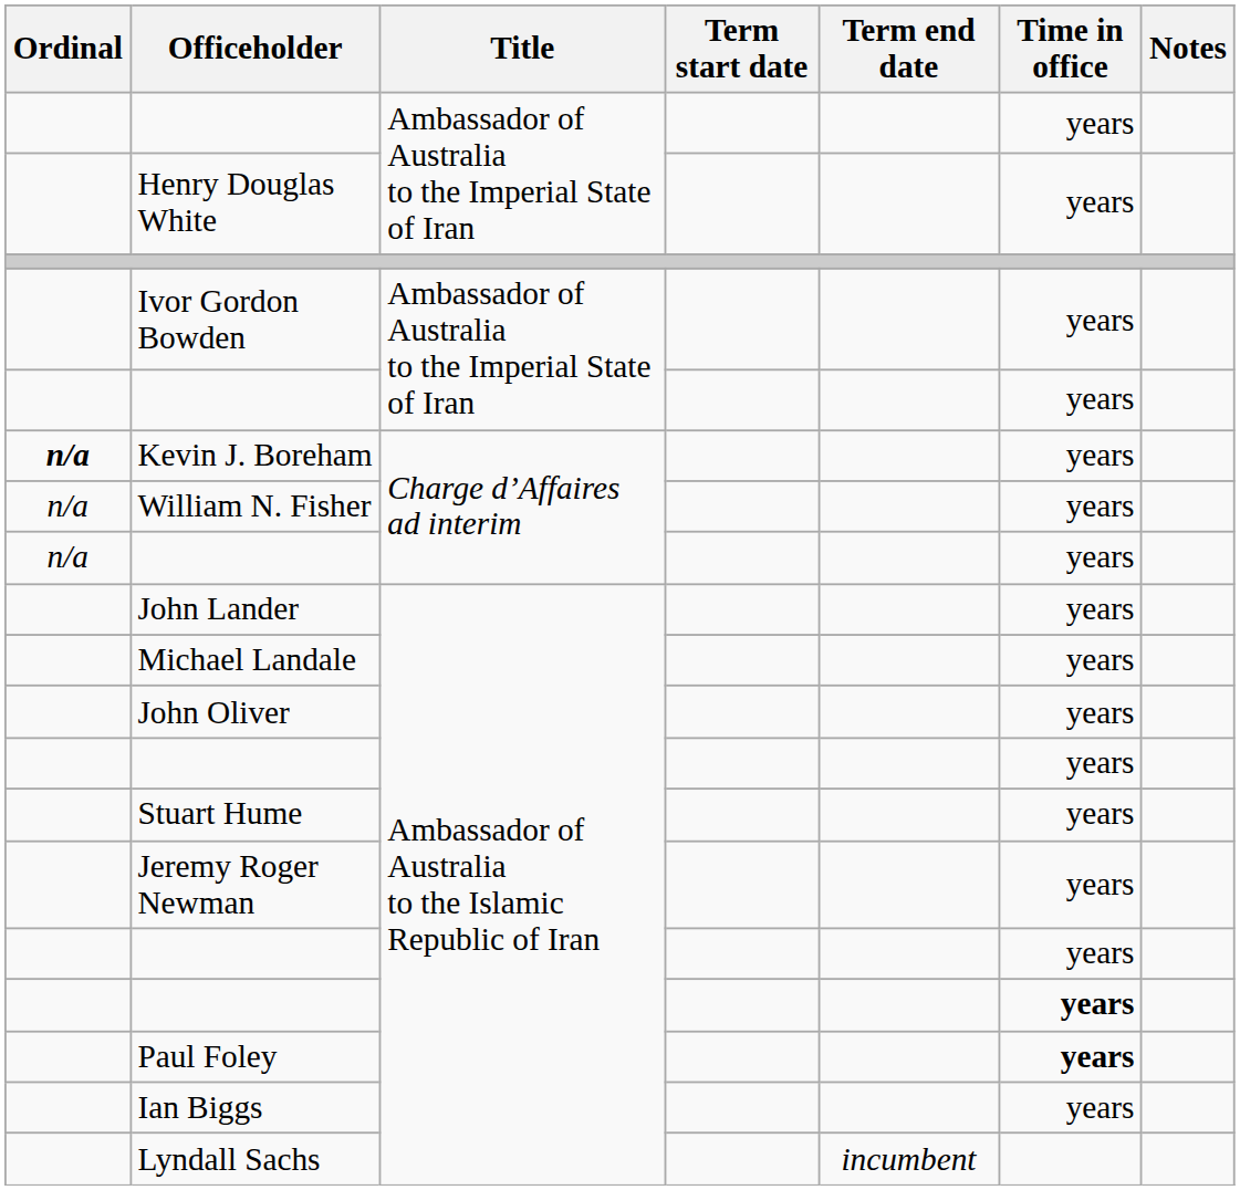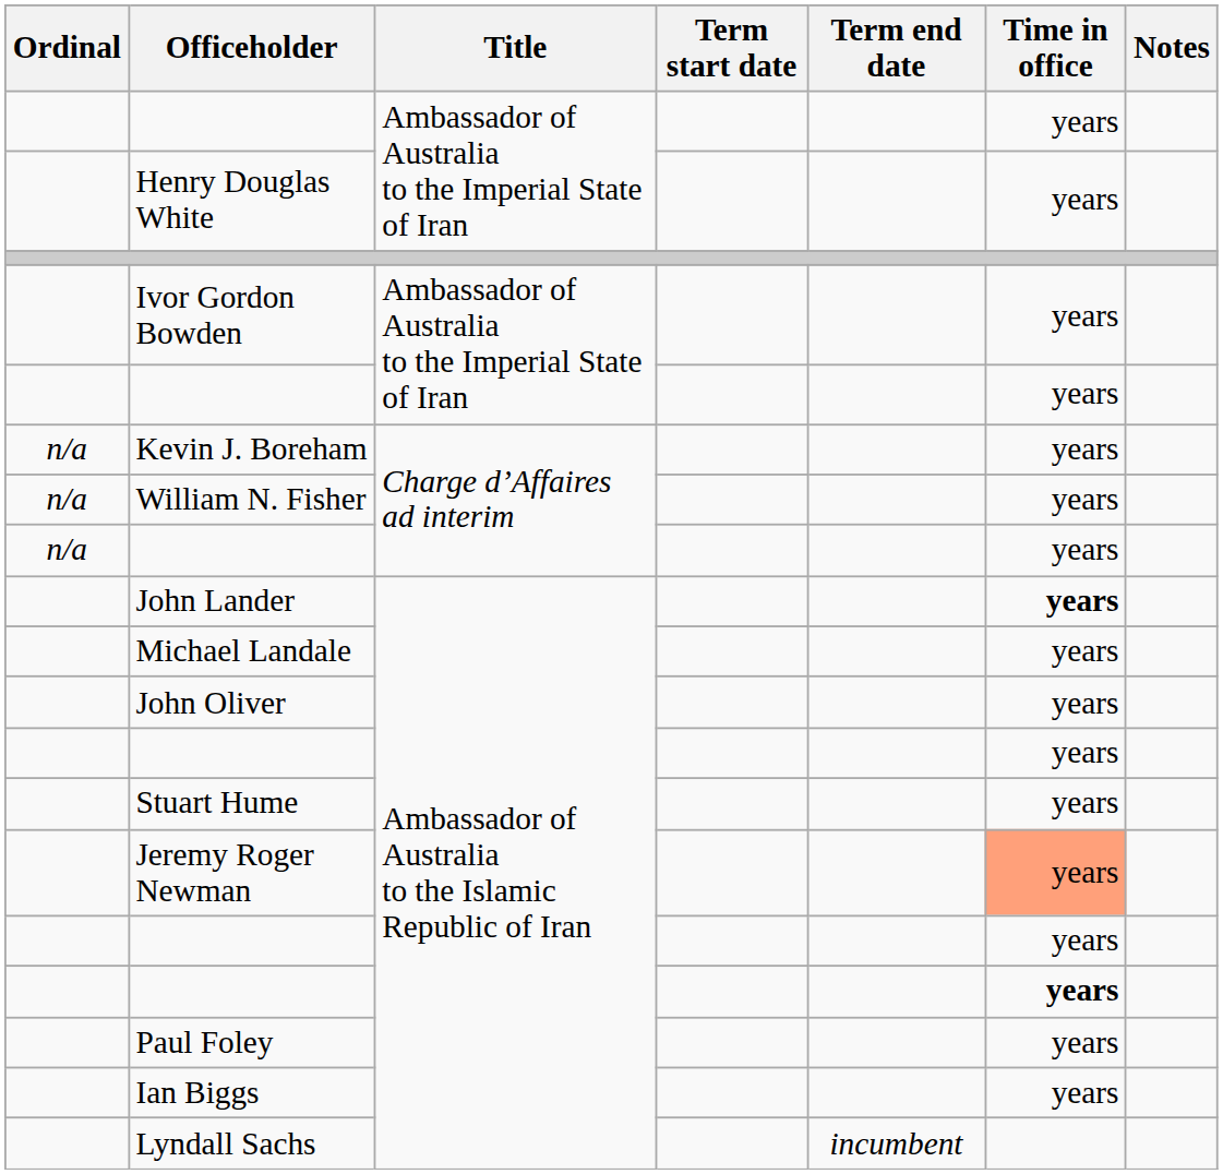 <table class='wikitable sortable'>
 <tr>
 <th>Ordinal</th>
 <th>Officeholder</th>
 <th>Title</th>
 <th>Term start date</th>
 <th>Term end date</th>
 <th>Time in office</th>
 <th>Notes</th>
 </tr>
 <tr>
 <td align=center></td>
 <td></td>
 <td rowspan=2>Ambassador of Australia<br>to the Imperial State of Iran</td>
 <td align=center></td>
 <td align=center></td>
 <td align=right> years</td>
 <td></td>
 </tr>
 <tr>
 <td align=center></td>
 <td>Henry Douglas White</td>
 <td align=center></td>
 <td align=center></td>
 <td align=right> years</td>
 <td></td>
 </tr>
 <tr>
 <th colspan=7 style="background: #cccccc;"></th>
 </tr>
 <tr>
 <td align=center></td>
 <td>Ivor Gordon Bowden</td>
 <td rowspan=2>Ambassador of Australia<br>to the Imperial State of Iran</td>
 <td align=center></td>
 <td align=center></td>
 <td align=right> years</td>
 <td></td>
 </tr>
 <tr>
 <td align=center></td>
 <td></td>
 <td align=center></td>
 <td align=center></td>
 <td align=right> years</td>
 <td></td>
 </tr>
 <tr>
-<td align=center><strong><em>n/a</em></strong></td>
+<td align=center><em>n/a</em></td>
 <td>Kevin J. Boreham</td>
 <td rowspan=3><em>Charge d’Affaires ad interim</em></td>
 <td align=center></td>
 <td align=center></td>
 <td align=right> years</td>
 <td></td>
 </tr>
 <tr>
 <td align=center><em>n/a</em></td>
 <td>William N. Fisher</td>
 <td align=center></td>
 <td align=center></td>
 <td align=right> years</td>
 <td></td>
 </tr>
 <tr>
 <td align=center><em>n/a</em></td>
 <td></td>
 <td align=center></td>
 <td align=center></td>
 <td align=right> years</td>
 <td></td>
 </tr>
 <tr>
 <td align=center></td>
 <td>John Lander</td>
 <td rowspan=11>Ambassador of Australia<br>to the Islamic Republic of Iran</td>
 <td align=center></td>
 <td align=center></td>
-<td align=right> years</td>
+<td align=right><strong> years</strong></td>
 <td></td>
 </tr>
 <tr>
 <td align=center></td>
 <td>Michael Landale</td>
 <td align=center></td>
 <td align=center></td>
 <td align=right> years</td>
 <td></td>
 </tr>
 <tr>
 <td align=center></td>
 <td>John Oliver</td>
 <td align=center></td>
 <td align=center></td>
 <td align=right> years</td>
 <td></td>
 </tr>
 <tr>
 <td align=center></td>
 <td></td>
 <td align=center></td>
 <td align=center></td>
 <td align=right> years</td>
 <td></td>
 </tr>
 <tr>
 <td align=center></td>
 <td>Stuart Hume</td>
 <td align=center></td>
 <td align=center></td>
 <td align=right> years</td>
 <td></td>
 </tr>
 <tr>
 <td align=center></td>
 <td>Jeremy Roger Newman</td>
 <td align=center></td>
 <td align=center></td>
-<td align=right> years</td>
+<td align=right style="background: lightsalmon;"> years</td>
 <td></td>
 </tr>
 <tr>
 <td align=center></td>
 <td></td>
 <td align=center></td>
 <td align=center></td>
 <td align=right> years</td>
 <td></td>
 </tr>
 <tr>
 <td align=center></td>
 <td></td>
 <td align=center></td>
 <td align=center></td>
 <td align=right><strong> years</strong></td>
 <td></td>
 </tr>
 <tr>
 <td align=center></td>
 <td>Paul Foley</td>
 <td align=center></td>
 <td align=center></td>
-<td align=right><strong> years</strong></td>
+<td align=right> years</td>
 <td></td>
 </tr>
 <tr>
 <td align=center></td>
 <td>Ian Biggs</td>
 <td align=center></td>
 <td align=center></td>
 <td align=right> years</td>
 <td></td>
 </tr>
 <tr>
 <td align=center></td>
 <td>Lyndall Sachs</td>
 <td align=center></td>
 <td align=center><em>incumbent</em></td>
 <td align=right></td>
 <td></td>
 </tr>
 </table>
